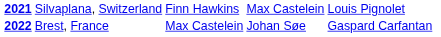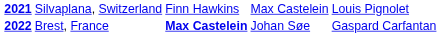 <table>
 <tr>
 <th><a href='#'>2021</a></th>
 <td> <a href='#'>Silvaplana</a>, <a href='#'>Switzerland</a></td>
 <td> <a href='#'>Finn Hawkins</a></td>
 <td> <a href='#'>Max Castelein</a></td>
 <td> <a href='#'>Louis Pignolet</a></td>
 </tr>
 <tr>
 <th><a href='#'>2022</a></th>
 <td> <a href='#'>Brest</a>, <a href='#'>France</a></td>
-<td> <a href='#'>Max Castelein</a></td>
+<td><strong> <a href='#'>Max Castelein</a></strong></td>
 <td> <a href='#'>Johan Søe</a></td>
 <td> <a href='#'>Gaspard Carfantan</a></td>
 </tr>
 </table>
